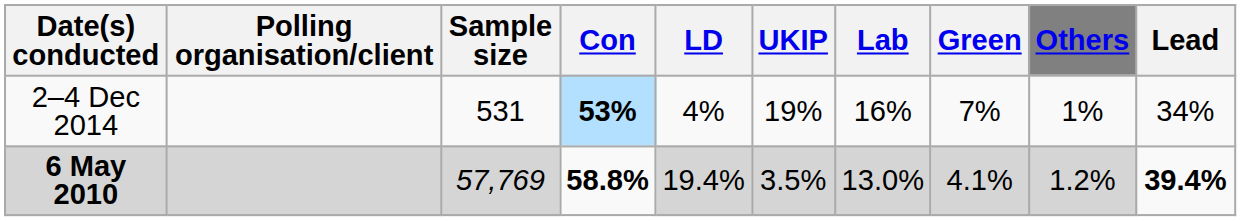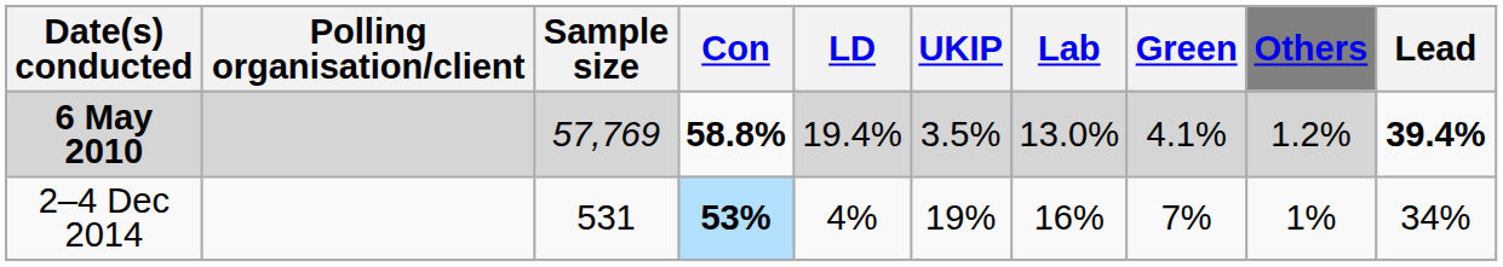 <table class="wikitable sortable" style="text-align:center;font-size:90%;line-height:14px">
 <tr>
 <th ! style="width:100px;">Date(s)<br>conducted</th>
 <th style="width:200px;">Polling organisation/client</th>
 <th class="unsortable" style="width:75px;">Sample size</th>
 <th class="unsortable" style="background:"><a href='#'><span>Con</span></a></th>
 <th class="unsortable" style="background:"><a href='#'><span>LD</span></a></th>
 <th class="unsortable" style="background:"><a href='#'><span>UKIP</span></a></th>
 <th class="unsortable" style="background:"><a href='#'><span>Lab</span></a></th>
 <th class="unsortable" style="background:"><a href='#'><span>Green</span></a></th>
 <th class="unsortable" style="background:gray; width:60px;"><a href='#'><span>Others</span></a></th>
 <th class="unsortable" style="width:90px;">Lead</th>
 </tr>
 <tr>
+<td style="background:#D5D5D5"><strong>6 May 2010</strong></td>
+<td style="background:#D5D5D5"></td>
+<td style="background:#D5D5D5"><em>57,769</em></td>
+<td style="background:"><strong>58.8%</strong></td>
+<td style="background:#D5D5D5">19.4%</td>
+<td style="background:#D5D5D5">3.5%</td>
+<td style="background:#D5D5D5">13.0%</td>
+<td style="background:#D5D5D5">4.1%</td>
+<td style="background:#D5D5D5">1.2%</td>
+<td style="background:"><strong>39.4% </strong></td>
+</tr>
+<tr>
 <td>2–4 Dec 2014</td>
 <td></td>
 <td>531</td>
 <td style="background:#B3E0FF"><strong>53%</strong></td>
 <td>4%</td>
 <td>19%</td>
 <td>16%</td>
 <td>7%</td>
 <td>1%</td>
 <td style="background:">34%</td>
 </tr>
-<tr>
-<td style="background:#D5D5D5"><strong>6 May 2010</strong></td>
-<td style="background:#D5D5D5"></td>
-<td style="background:#D5D5D5"><em>57,769</em></td>
-<td style="background:"><strong>58.8%</strong></td>
-<td style="background:#D5D5D5">19.4%</td>
-<td style="background:#D5D5D5">3.5%</td>
-<td style="background:#D5D5D5">13.0%</td>
-<td style="background:#D5D5D5">4.1%</td>
-<td style="background:#D5D5D5">1.2%</td>
-<td style="background:"><strong>39.4% </strong></td>
-</tr>
 </table>
